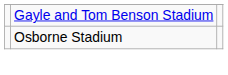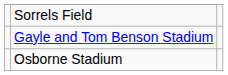 <table class="wikitable sortable">
 <tr>
 </tr>
 <tr>
+</tr>
+<tr>
+<td style="text-align:center; "><a href='#'></a></td>
+<td>Sorrels Field</td>
+<td></td>
 </tr>
 <tr>
 <td style="text-align:center; "><a href='#'></a></td>
 <td><a href='#'>Gayle and Tom Benson Stadium</a></td>
 <td></td>
 </tr>
 <tr>
 <td style="text-align:center; "><a href='#'></a></td>
 <td>Osborne Stadium</td>
 <td></td>
 </tr>
 </table>
